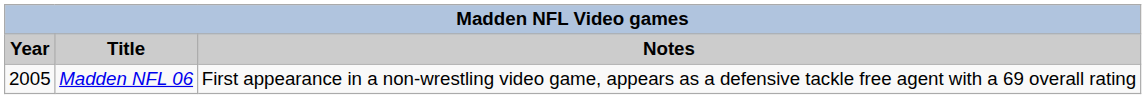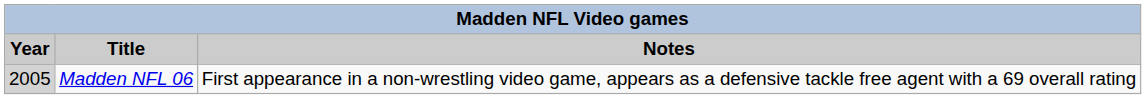 <table class="wikitable sortable">
 <tr style="text-align:center;">
 <th colspan=4 style="background:#B0C4DE;">Madden NFL Video games</th>
 </tr>
 <tr style="text-align:center;">
 <th style="background:#ccc;">Year</th>
 <th style="background:#ccc;">Title</th>
 <th style="background:#ccc;">Notes</th>
 </tr>
 <tr>
-<td>2005</td>
+<td style="background: lightgrey;">2005</td>
 <td><em><a href='#'>Madden NFL 06</a></em></td>
 <td>First appearance in a non-wrestling video game, appears as a defensive tackle free agent with a 69 overall rating</td>
 </tr>
 </table>
